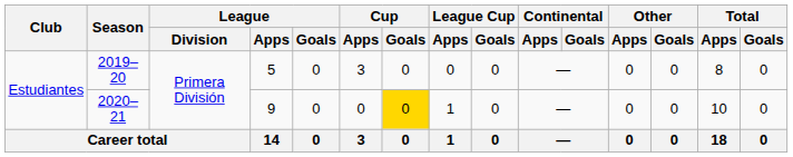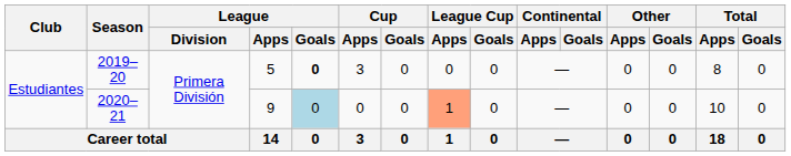 <table class="wikitable" style="text-align:center">
 <tr>
 <th rowspan="2">Club</th>
 <th rowspan="2">Season</th>
 <th colspan="3">League</th>
 <th colspan="2">Cup</th>
 <th colspan="2">League Cup</th>
 <th colspan="2">Continental</th>
 <th colspan="2">Other</th>
 <th colspan="2">Total</th>
 </tr>
 <tr>
 <th>Division</th>
 <th>Apps</th>
 <th>Goals</th>
 <th>Apps</th>
 <th>Goals</th>
 <th>Apps</th>
 <th>Goals</th>
 <th>Apps</th>
 <th>Goals</th>
 <th>Apps</th>
 <th>Goals</th>
 <th>Apps</th>
 <th>Goals</th>
 </tr>
 <tr>
 <td rowspan="2"><a href='#'>Estudiantes</a></td>
 <td><a href='#'>2019–20</a></td>
 <td rowspan="2"><a href='#'>Primera División</a></td>
 <td>5</td>
-<td>0</td>
+<td><strong>0</strong></td>
 <td>3</td>
 <td>0</td>
 <td>0</td>
 <td>0</td>
 <td colspan="2">—</td>
 <td>0</td>
 <td>0</td>
 <td>8</td>
 <td>0</td>
 </tr>
 <tr>
 <td><a href='#'>2020–21</a></td>
 <td>9</td>
+<td style="background: lightblue;">0</td>
 <td>0</td>
 <td>0</td>
-<td style="background: gold;">0</td>
-<td>1</td>
+<td style="background: lightsalmon;">1</td>
 <td>0</td>
 <td colspan="2">—</td>
 <td>0</td>
 <td>0</td>
 <td>10</td>
 <td>0</td>
 </tr>
 <tr>
 <th colspan="3">Career total</th>
 <th>14</th>
 <th>0</th>
 <th>3</th>
 <th>0</th>
 <th>1</th>
 <th>0</th>
 <th colspan="2">—</th>
 <th>0</th>
 <th>0</th>
 <th>18</th>
 <th>0</th>
 </tr>
 </table>
